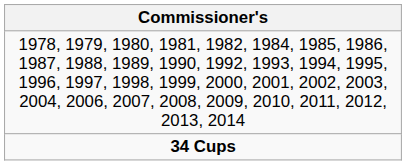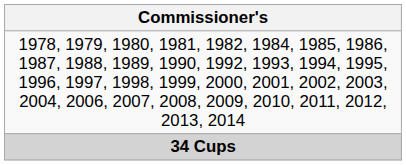 <table class="wikitable" width="30%">
 <tr>
 <th>Commissioner's</th>
 </tr>
 <tr align="center">
 <td>1978, 1979, 1980, 1981, 1982, 1984, 1985, 1986, 1987, 1988, 1989, 1990, 1992, 1993, 1994, 1995, 1996, 1997, 1998, 1999, 2000, 2001, 2002, 2003, 2004, 2006, 2007, 2008, 2009, 2010, 2011, 2012, 2013, 2014</td>
 </tr>
 <tr align="center">
-<td><strong>34 Cups</strong></td>
+<td style="background: lightgrey;"><strong>34 Cups</strong></td>
 </tr>
 </table>
